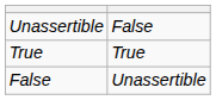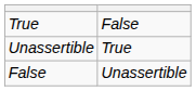 <table class="wikitable">
 <tr>
 <th></th>
 <th></th>
 </tr>
 <tr>
-<td><em>Unassertible</em></td>
+<td><em>True</em></td>
 <td><em>False</em></td>
 </tr>
 <tr>
-<td><em>True</em></td>
+<td><em>Unassertible</em></td>
 <td><em>True</em></td>
 </tr>
 <tr>
 <td><em>False</em></td>
 <td><em>Unassertible</em></td>
 </tr>
 </table>
